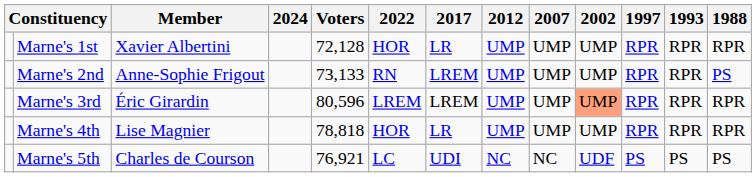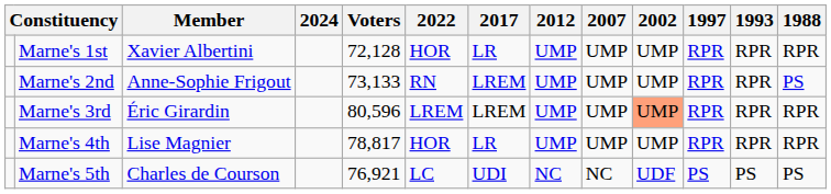 <table class="wikitable sortable">
 <tr>
 <th colspan="2">Constituency</th>
 <th>Member</th>
 <th>2024</th>
 <th>Voters</th>
 <th>2022</th>
 <th>2017</th>
 <th>2012</th>
 <th>2007</th>
 <th>2002</th>
 <th>1997</th>
 <th>1993</th>
 <th>1988</th>
 </tr>
 <tr>
 <td style="background-color: "></td>
 <td><a href='#'>Marne's 1st</a></td>
 <td><a href='#'>Xavier Albertini</a></td>
 <td></td>
 <td>72,128</td>
 <td><a href='#'>HOR</a></td>
 <td><a href='#'>LR</a></td>
 <td><a href='#'>UMP</a></td>
 <td>UMP</td>
 <td>UMP</td>
 <td><a href='#'>RPR</a></td>
 <td>RPR</td>
 <td>RPR</td>
 </tr>
 <tr>
 <td style="background-color: "></td>
 <td><a href='#'>Marne's 2nd</a></td>
 <td><a href='#'>Anne-Sophie Frigout</a></td>
 <td></td>
 <td>73,133</td>
 <td><a href='#'>RN</a></td>
 <td><a href='#'>LREM</a></td>
 <td><a href='#'>UMP</a></td>
 <td>UMP</td>
 <td>UMP</td>
 <td><a href='#'>RPR</a></td>
 <td>RPR</td>
 <td><a href='#'>PS</a></td>
 </tr>
 <tr>
 <td style="background-color: "></td>
 <td><a href='#'>Marne's 3rd</a></td>
 <td><a href='#'>Éric Girardin</a></td>
 <td></td>
 <td>80,596</td>
 <td><a href='#'>LREM</a></td>
 <td>LREM</td>
 <td><a href='#'>UMP</a></td>
 <td>UMP</td>
 <td style="background: lightsalmon;">UMP</td>
 <td><a href='#'>RPR</a></td>
 <td>RPR</td>
 <td>RPR</td>
 </tr>
 <tr>
 <td style="background-color: "></td>
 <td><a href='#'>Marne's 4th</a></td>
 <td><a href='#'>Lise Magnier</a></td>
 <td></td>
-<td>78,818</td>
+<td>78,817</td>
 <td><a href='#'>HOR</a></td>
 <td><a href='#'>LR</a></td>
 <td><a href='#'>UMP</a></td>
 <td>UMP</td>
 <td>UMP</td>
 <td><a href='#'>RPR</a></td>
 <td>RPR</td>
 <td>RPR</td>
 </tr>
 <tr>
 <td style="background-color: "></td>
 <td><a href='#'>Marne's 5th</a></td>
 <td><a href='#'>Charles de Courson</a></td>
 <td></td>
 <td>76,921</td>
 <td><a href='#'>LC</a></td>
 <td><a href='#'>UDI</a></td>
 <td><a href='#'>NC</a></td>
 <td>NC</td>
 <td><a href='#'>UDF</a></td>
 <td><a href='#'>PS</a></td>
 <td>PS</td>
 <td>PS</td>
 </tr>
 </table>
